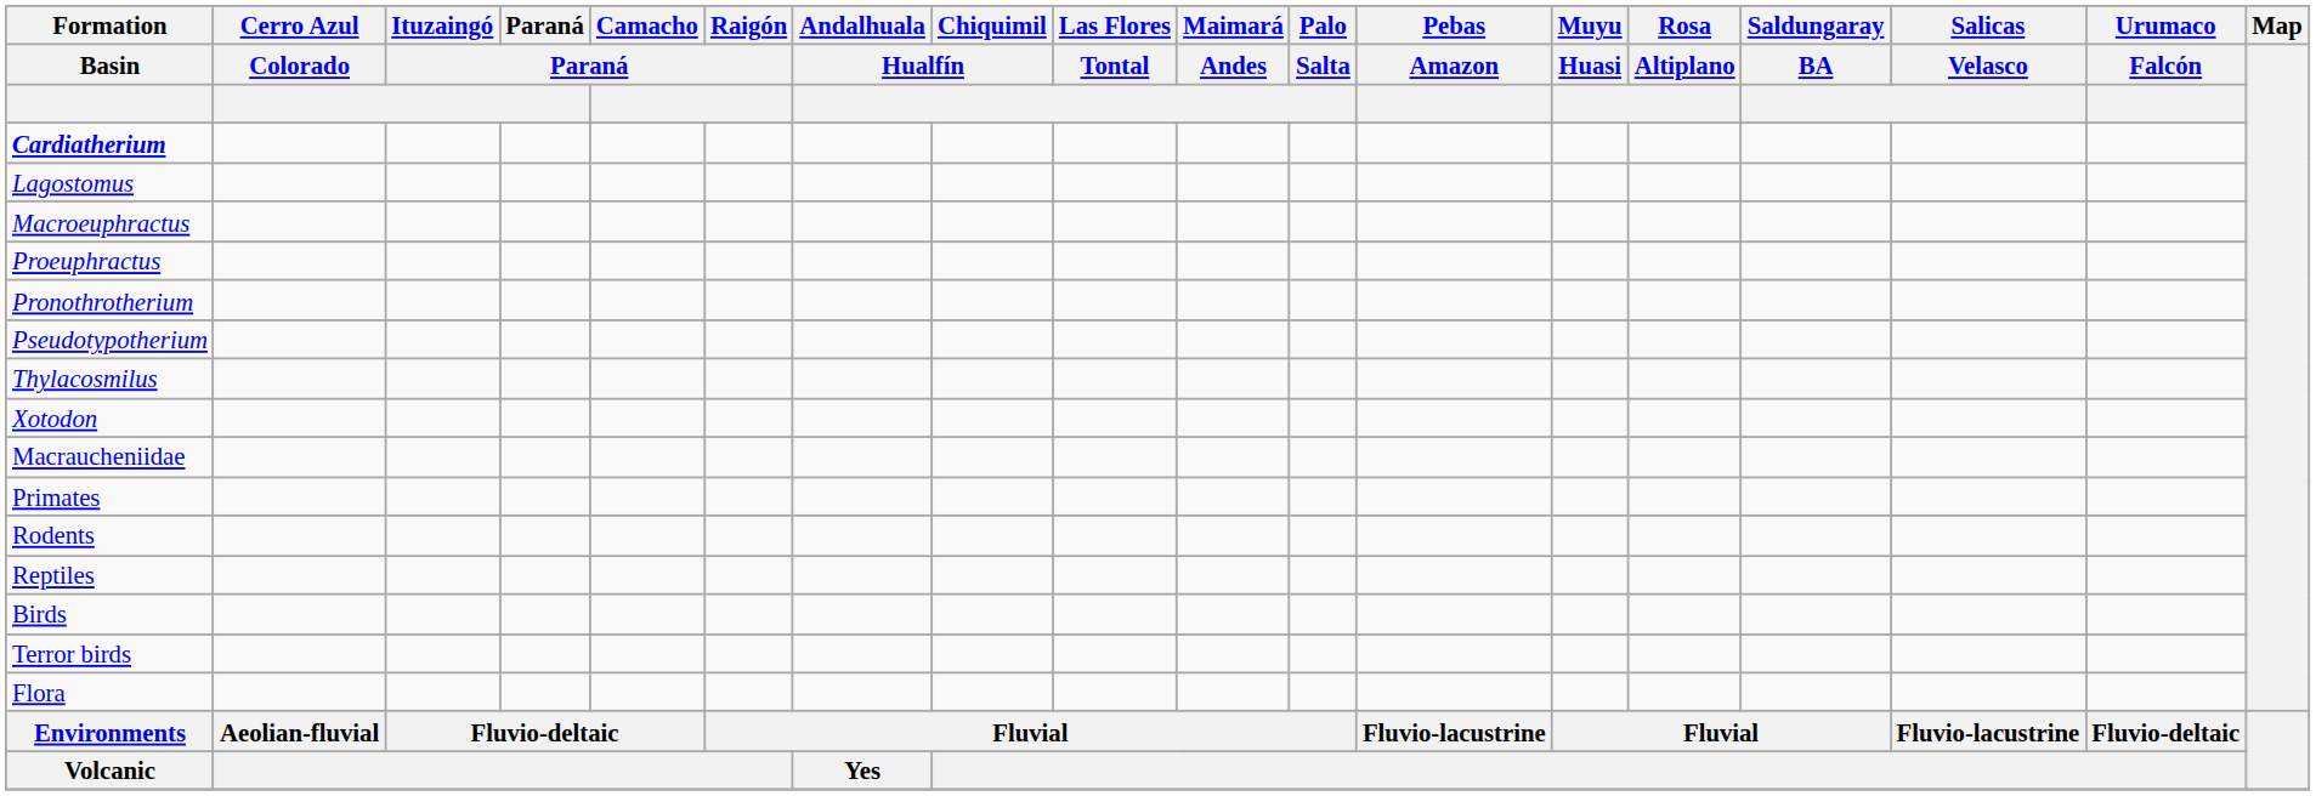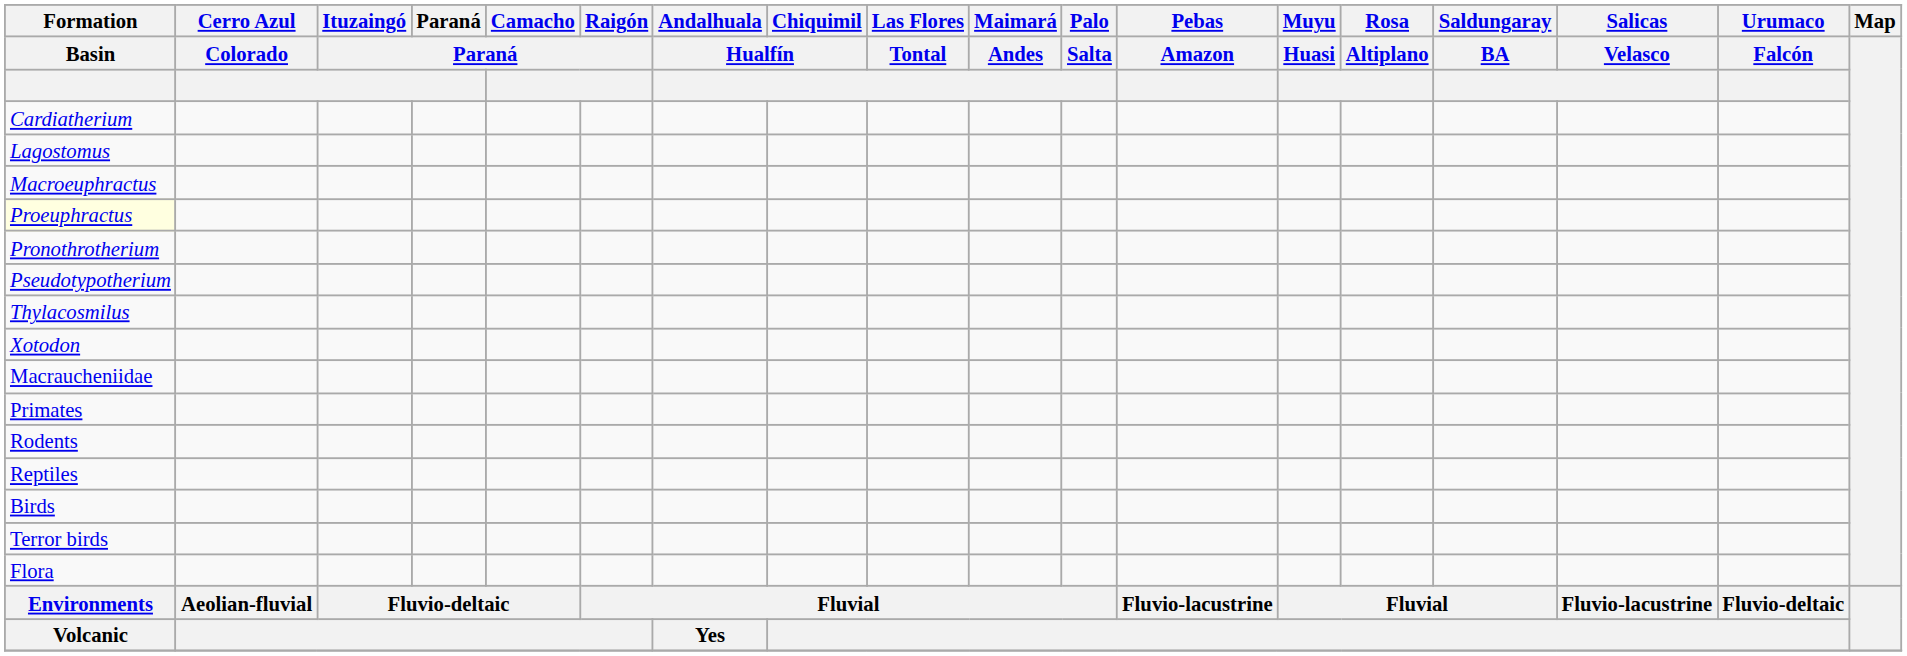 <table class="wikitable" style="font-size: 70%">
 <tr>
 <th>Formation</th>
 <th><a href='#'>Cerro Azul</a></th>
 <th><a href='#'>Ituzaingó</a></th>
 <th>Paraná</th>
 <th><a href='#'>Camacho</a></th>
 <th><a href='#'>Raigón</a></th>
 <th><a href='#'>Andalhuala</a></th>
 <th><a href='#'>Chiquimil</a></th>
 <th><a href='#'>Las Flores</a></th>
 <th><a href='#'>Maimará</a></th>
 <th><a href='#'>Palo</a></th>
 <th><a href='#'>Pebas</a></th>
 <th><a href='#'>Muyu</a></th>
 <th><a href='#'>Rosa</a></th>
 <th><a href='#'>Saldungaray</a></th>
 <th><a href='#'>Salicas</a></th>
 <th><a href='#'>Urumaco</a></th>
 <th>Map</th>
 </tr>
 <tr>
 <th>Basin</th>
 <th><a href='#'>Colorado</a></th>
 <th colspan=4><a href='#'>Paraná</a></th>
 <th colspan=2><a href='#'>Hualfín</a></th>
 <th><a href='#'>Tontal</a></th>
 <th><a href='#'>Andes</a></th>
 <th><a href='#'>Salta</a></th>
 <th><a href='#'>Amazon</a></th>
 <th><a href='#'>Huasi</a></th>
 <th><a href='#'>Altiplano</a></th>
 <th><a href='#'>BA</a></th>
 <th><a href='#'>Velasco</a></th>
 <th><a href='#'>Falcón</a></th>
 <th align=center rowspan=17></th>
 </tr>
 <tr>
 <th></th>
 <th colspan=3></th>
 <th colspan=2></th>
 <th colspan=5></th>
 <th><br></th>
 <th colspan=2></th>
 <th colspan=2></th>
 <th></th>
 </tr>
 <tr>
-<td><strong><em><a href='#'>Cardiatherium</a></em></strong></td>
+<td><em><a href='#'>Cardiatherium</a></em></td>
 <td align=center></td>
 <td align=center></td>
 <td align=center></td>
 <td align=center></td>
 <td align=center></td>
 <td align=center></td>
 <td align=center></td>
 <td align=center></td>
 <td align=center></td>
 <td align=center></td>
 <td align=center></td>
 <td align=center></td>
 <td align=center></td>
 <td align=center></td>
 <td align=center></td>
 <td align=center></td>
 </tr>
 <tr>
 <td><em><a href='#'>Lagostomus</a></em></td>
 <td align=center></td>
 <td align=center></td>
 <td align=center></td>
 <td align=center></td>
 <td align=center></td>
 <td align=center></td>
 <td align=center></td>
 <td align=center></td>
 <td align=center></td>
 <td align=center></td>
 <td align=center></td>
 <td align=center></td>
 <td align=center></td>
 <td align=center></td>
 <td align=center></td>
 <td></td>
 </tr>
 <tr>
 <td><em><a href='#'>Macroeuphractus</a></em></td>
 <td align=center></td>
 <td align=center></td>
 <td align=center></td>
 <td align=center></td>
 <td align=center></td>
 <td align=center></td>
 <td align=center></td>
 <td align=center></td>
 <td align=center></td>
 <td align=center></td>
 <td align=center></td>
 <td align=center></td>
 <td align=center></td>
 <td align=center></td>
 <td align=center></td>
 <td></td>
 </tr>
 <tr>
-<td><em><a href='#'>Proeuphractus</a></em></td>
+<td style="background: lightyellow;"><em><a href='#'>Proeuphractus</a></em></td>
 <td align=center></td>
 <td align=center></td>
 <td align=center></td>
 <td align=center></td>
 <td align=center></td>
 <td align=center></td>
 <td align=center></td>
 <td align=center></td>
 <td align=center></td>
 <td align=center></td>
 <td align=center></td>
 <td align=center></td>
 <td align=center></td>
 <td align=center></td>
 <td align=center></td>
 <td align=center></td>
 </tr>
 <tr>
 <td><em><a href='#'>Pronothrotherium</a></em></td>
 <td align=center></td>
 <td align=center></td>
 <td align=center></td>
 <td align=center></td>
 <td align=center></td>
 <td align=center></td>
 <td align=center></td>
 <td align=center></td>
 <td align=center></td>
 <td align=center></td>
 <td align=center></td>
 <td align=center></td>
 <td align=center></td>
 <td align=center></td>
 <td align=center></td>
 <td align=center></td>
 </tr>
 <tr>
 <td><em><a href='#'>Pseudotypotherium</a></em></td>
 <td align=center></td>
 <td align=center></td>
 <td align=center></td>
 <td align=center></td>
 <td align=center></td>
 <td align=center></td>
 <td align=center></td>
 <td align=center></td>
 <td align=center></td>
 <td align=center></td>
 <td align=center></td>
 <td align=center></td>
 <td align=center></td>
 <td align=center></td>
 <td align=center></td>
 <td align=center></td>
 </tr>
 <tr>
 <td><em><a href='#'>Thylacosmilus</a></em></td>
 <td align=center></td>
 <td align=center></td>
 <td align=center></td>
 <td align=center></td>
 <td align=center></td>
 <td align=center></td>
 <td align=center></td>
 <td align=center></td>
 <td align=center></td>
 <td align=center></td>
 <td align=center></td>
 <td align=center></td>
 <td align=center></td>
 <td align=center></td>
 <td align=center></td>
 <td></td>
 </tr>
 <tr>
 <td><em><a href='#'>Xotodon</a></em></td>
 <td align=center></td>
 <td align=center></td>
 <td align=center></td>
 <td align=center></td>
 <td align=center></td>
 <td align=center></td>
 <td align=center></td>
 <td align=center></td>
 <td align=center></td>
 <td align=center></td>
 <td align=center></td>
 <td align=center></td>
 <td align=center></td>
 <td align=center></td>
 <td align=center></td>
 <td align=center></td>
 </tr>
 <tr>
 <td><a href='#'>Macraucheniidae</a></td>
 <td align=center></td>
 <td align=center></td>
 <td align=center></td>
 <td align=center></td>
 <td align=center></td>
 <td align=center></td>
 <td align=center></td>
 <td align=center></td>
 <td align=center></td>
 <td align=center></td>
 <td align=center></td>
 <td align=center></td>
 <td align=center></td>
 <td align=center></td>
 <td align=center></td>
 <td align=center></td>
 </tr>
 <tr>
 <td><a href='#'>Primates</a></td>
 <td align=center></td>
 <td align=center></td>
 <td align=center></td>
 <td align=center></td>
 <td align=center></td>
 <td align=center></td>
 <td align=center></td>
 <td align=center></td>
 <td align=center></td>
 <td align=center></td>
 <td align=center></td>
 <td align=center></td>
 <td align=center></td>
 <td align=center></td>
 <td align=center></td>
 <td align=center></td>
 </tr>
 <tr>
 <td><a href='#'>Rodents</a></td>
 <td align=center></td>
 <td align=center></td>
 <td align=center></td>
 <td align=center></td>
 <td align=center></td>
 <td align=center></td>
 <td align=center></td>
 <td align=center></td>
 <td align=center></td>
 <td align=center></td>
 <td align=center></td>
 <td align=center></td>
 <td align=center></td>
 <td align=center></td>
 <td align=center></td>
 <td align=center></td>
 </tr>
 <tr>
 <td><a href='#'>Reptiles</a></td>
 <td align=center></td>
 <td align=center></td>
 <td align=center></td>
 <td align=center></td>
 <td align=center></td>
 <td align=center></td>
 <td align=center></td>
 <td align=center></td>
 <td align=center></td>
 <td align=center></td>
 <td align=center></td>
 <td align=center></td>
 <td align=center></td>
 <td align=center></td>
 <td align=center></td>
 <td align=center></td>
 </tr>
 <tr>
 <td><a href='#'>Birds</a></td>
 <td align=center></td>
 <td align=center></td>
 <td align=center></td>
 <td align=center></td>
 <td align=center></td>
 <td align=center></td>
 <td align=center></td>
 <td align=center></td>
 <td align=center></td>
 <td align=center></td>
 <td align=center></td>
 <td></td>
 <td align=center></td>
 <td align=center></td>
 <td align=center></td>
 <td align=center></td>
 </tr>
 <tr>
 <td><a href='#'>Terror birds</a></td>
 <td align=center></td>
 <td align=center></td>
 <td align=center></td>
 <td align=center></td>
 <td align=center></td>
 <td align=center></td>
 <td align=center></td>
 <td align=center></td>
 <td align=center></td>
 <td align=center></td>
 <td align=center></td>
 <td align=center></td>
 <td align=center></td>
 <td align=center></td>
 <td align=center></td>
 <td align=center></td>
 </tr>
 <tr>
 <td><a href='#'>Flora</a></td>
 <td align=center></td>
 <td align=center></td>
 <td align=center></td>
 <td align=center></td>
 <td align=center></td>
 <td align=center></td>
 <td align=center></td>
 <td align=center></td>
 <td align=center></td>
 <td align=center></td>
 <td align=center></td>
 <td align=center></td>
 <td align=center></td>
 <td align=center></td>
 <td align=center></td>
 <td align=center></td>
 </tr>
 <tr>
 <th><a href='#'>Environments</a></th>
 <th>Aeolian-fluvial</th>
 <th colspan=3>Fluvio-deltaic</th>
 <th colspan=6>Fluvial</th>
 <th>Fluvio-lacustrine</th>
 <th colspan=3>Fluvial</th>
 <th>Fluvio-lacustrine</th>
 <th>Fluvio-deltaic</th>
 <th rowspan=2 align=left><br><br></th>
 </tr>
 <tr>
 <th>Volcanic</th>
 <th colspan=5></th>
 <th>Yes</th>
 <th colspan=10></th>
 </tr>
 <tr>
 </tr>
 </table>
